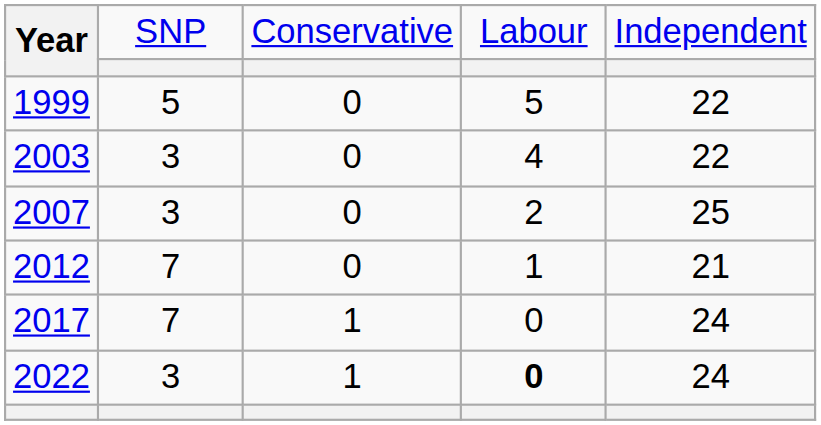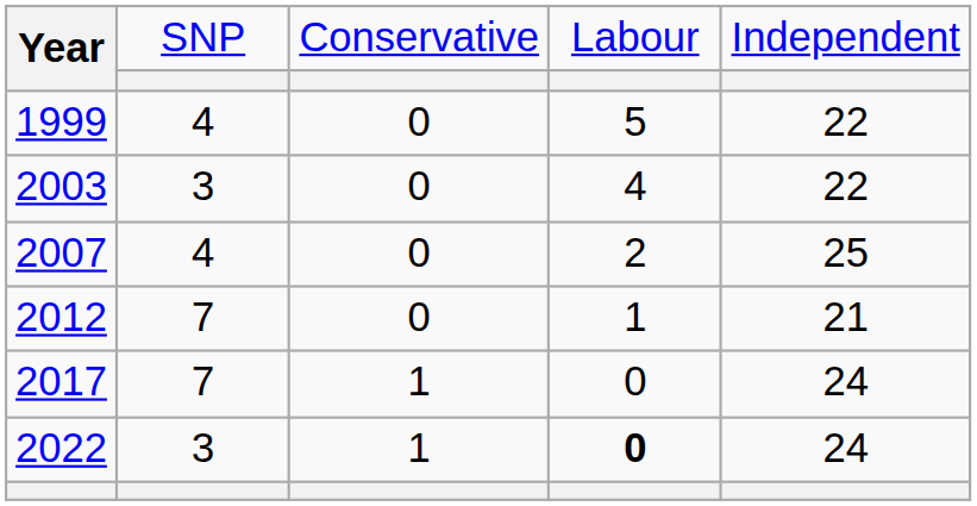 <table class=wikitable style=text-align:center>
 <tr>
 <th rowspan=2>Year</th>
 <td width="60"><a href='#'>SNP</a></td>
 <td width="60"><a href='#'>Conservative</a></td>
 <td width="60"><a href='#'>Labour</a></td>
 <td width="60"><a href='#'>Independent</a></td>
 </tr>
 <tr>
 <th style="background-color: "></th>
 <th style="background-color: "></th>
 <th style="background-color: "></th>
 <th style="background-color: "></th>
 </tr>
 <tr>
 <td><a href='#'>1999</a></td>
-<td>5</td>
+<td>4</td>
 <td>0</td>
 <td>5</td>
 <td>22</td>
 </tr>
 <tr>
 <td><a href='#'>2003</a></td>
 <td>3</td>
 <td>0</td>
 <td>4</td>
 <td>22</td>
 </tr>
 <tr>
 <td><a href='#'>2007</a></td>
-<td>3</td>
+<td>4</td>
 <td>0</td>
 <td>2</td>
 <td>25</td>
 </tr>
 <tr>
 <td><a href='#'>2012</a></td>
 <td>7</td>
 <td>0</td>
 <td>1</td>
 <td>21</td>
 </tr>
 <tr>
 <td><a href='#'>2017</a></td>
 <td>7</td>
 <td>1</td>
 <td>0</td>
 <td>24</td>
 </tr>
 <tr>
 <td><a href='#'>2022</a></td>
 <td>3</td>
 <td>1</td>
 <td><strong>0</strong></td>
 <td>24</td>
 </tr>
 <tr>
 <th></th>
 <th style="background-color: "></th>
 <th style="background-color: "></th>
 <th style="background-color: "></th>
 <th style="background-color: "></th>
 </tr>
 </table>
